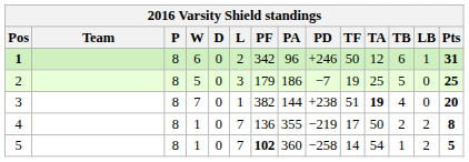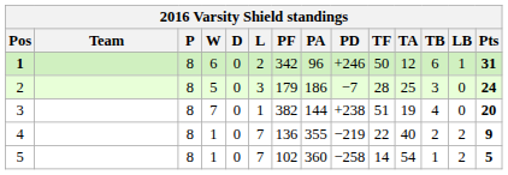 <table class="wikitable" style="text-align:center; line-height:110%; font-size:100%; width:60%;">
 <tr>
 <th colspan="100%" cellpadding="0" cellspacing="0"><strong>2016 Varsity Shield standings</strong></th>
 </tr>
 <tr>
 <th style="width:5%;">Pos</th>
 <th style="width:35%;">Team</th>
 <th style="width:5%;">P</th>
 <th style="width:5%;">W</th>
 <th style="width:5%;">D</th>
 <th style="width:5%;">L</th>
 <th style="width:5%;">PF</th>
 <th style="width:5%;">PA</th>
 <th style="width:5%;">PD</th>
 <th style="width:5%;">TF</th>
 <th style="width:5%;">TA</th>
 <th style="width:5%;">TB</th>
 <th style="width:5%;">LB</th>
 <th style="width:5%;">Pts<br></th>
 </tr>
 <tr style="background:#D0F0C0;">
 <td><strong>1</strong></td>
 <td align=left></td>
 <td>8</td>
 <td>6</td>
 <td>0</td>
 <td>2</td>
 <td>342</td>
 <td>96</td>
 <td>+246</td>
 <td>50</td>
 <td>12</td>
 <td>6</td>
 <td>1</td>
 <td><strong>31</strong></td>
 </tr>
 <tr style="background:#E8FFD8;">
 <td>2</td>
 <td align=left> </td>
 <td>8</td>
 <td>5</td>
 <td>0</td>
 <td>3</td>
 <td>179</td>
 <td>186</td>
 <td>−7</td>
-<td>19</td>
+<td>28</td>
 <td>25</td>
-<td>5</td>
+<td>3</td>
 <td>0</td>
-<td><strong>25</strong></td>
+<td><strong>24</strong></td>
 </tr>
 <tr style="background:#FFFFFF;">
 <td>3</td>
 <td align=left> </td>
 <td>8</td>
 <td>7</td>
 <td>0</td>
 <td>1</td>
 <td>382</td>
 <td>144</td>
 <td>+238</td>
 <td>51</td>
-<td><strong>19</strong></td>
+<td>19</td>
 <td>4</td>
 <td>0</td>
 <td><strong>20</strong></td>
 </tr>
 <tr style="background:#FFFFFF;">
 <td>4</td>
 <td align=left></td>
 <td>8</td>
 <td>1</td>
 <td>0</td>
 <td>7</td>
 <td>136</td>
 <td>355</td>
 <td>−219</td>
-<td>17</td>
-<td>50</td>
+<td>22</td>
+<td>40</td>
 <td>2</td>
 <td>2</td>
-<td><strong>8</strong></td>
+<td><strong>9</strong></td>
 </tr>
 <tr style="background:#FFFFFF;">
 <td>5</td>
 <td align=left> </td>
 <td>8</td>
 <td>1</td>
 <td>0</td>
 <td>7</td>
-<td><strong>102</strong></td>
+<td>102</td>
 <td>360</td>
 <td>−258</td>
 <td>14</td>
 <td>54</td>
 <td>1</td>
 <td>2</td>
 <td><strong>5</strong></td>
 </tr>
 </table>
